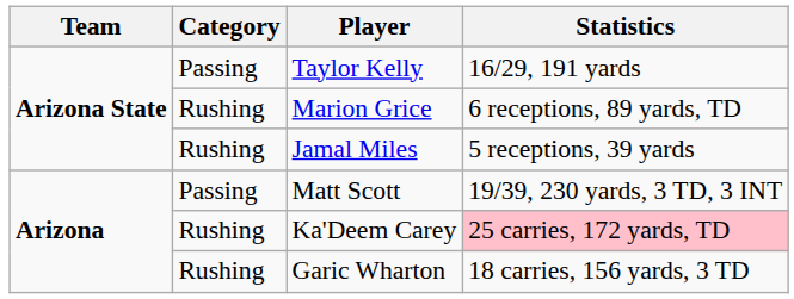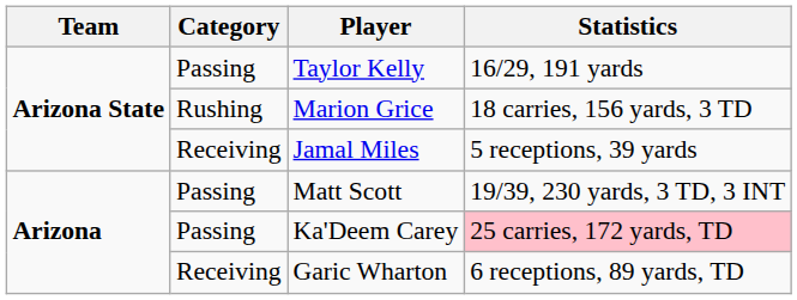 <table class="wikitable" style="float: right;">
 <tr>
 <th>Team</th>
 <th>Category</th>
 <th>Player</th>
 <th>Statistics</th>
 </tr>
 <tr>
 <td rowspan=3><strong>Arizona State</strong></td>
 <td>Passing</td>
 <td><a href='#'>Taylor Kelly</a></td>
 <td>16/29, 191 yards</td>
 </tr>
 <tr>
 <td>Rushing</td>
 <td><a href='#'>Marion Grice</a></td>
-<td>6 receptions, 89 yards, TD</td>
+<td>18 carries, 156 yards, 3 TD</td>
 </tr>
 <tr>
-<td>Rushing</td>
+<td>Receiving</td>
 <td><a href='#'>Jamal Miles</a></td>
 <td>5 receptions, 39 yards</td>
 </tr>
 <tr>
 <td rowspan=3><strong>Arizona</strong></td>
 <td>Passing</td>
 <td>Matt Scott</td>
 <td>19/39, 230 yards, 3 TD, 3 INT</td>
 </tr>
 <tr>
-<td>Rushing</td>
+<td>Passing</td>
 <td>Ka'Deem Carey</td>
 <td style="background: pink;">25 carries, 172 yards, TD</td>
 </tr>
 <tr>
-<td>Rushing</td>
+<td>Receiving</td>
 <td>Garic Wharton</td>
-<td>18 carries, 156 yards, 3 TD</td>
+<td>6 receptions, 89 yards, TD</td>
 </tr>
 </table>
